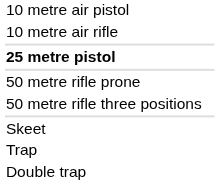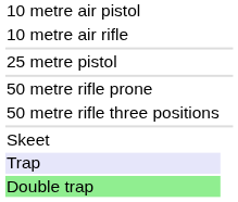 <table>
 <tr>
 <td>10 metre air pistol</td>
 <td></td>
 <td></td>
 <td></td>
 </tr>
 <tr>
 <td>10 metre air rifle</td>
 <td></td>
 <td></td>
 <td></td>
 </tr>
 <tr bgcolor=#DDDDDD>
 <td colspan=7></td>
 </tr>
 <tr>
-<td><strong>25 metre pistol</strong></td>
+<td>25 metre pistol</td>
 <td></td>
 <td></td>
 <td></td>
 </tr>
 <tr bgcolor=#DDDDDD>
 <td colspan=7></td>
 </tr>
 <tr>
 <td>50 metre rifle prone</td>
 <td></td>
 <td></td>
 <td></td>
 </tr>
 <tr>
 <td>50 metre rifle three positions</td>
 <td></td>
 <td></td>
 <td></td>
 </tr>
 <tr bgcolor=#DDDDDD>
 <td colspan=7></td>
 </tr>
 <tr>
 <td>Skeet</td>
 <td></td>
 <td></td>
 <td></td>
 </tr>
 <tr>
-<td>Trap</td>
+<td style="background: lavender;">Trap</td>
 <td></td>
 <td></td>
 <td></td>
 </tr>
 <tr>
-<td>Double trap</td>
+<td style="background: lightgreen;">Double trap</td>
 <td></td>
 <td></td>
 <td></td>
 </tr>
 </table>
